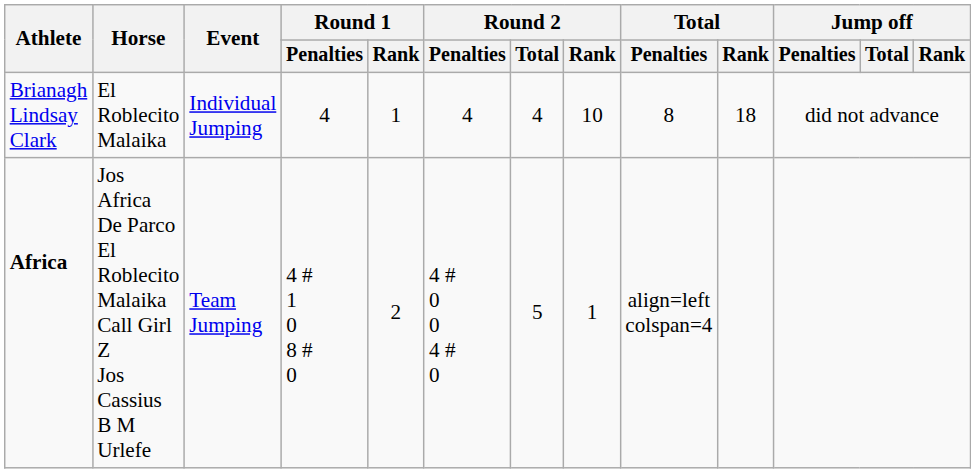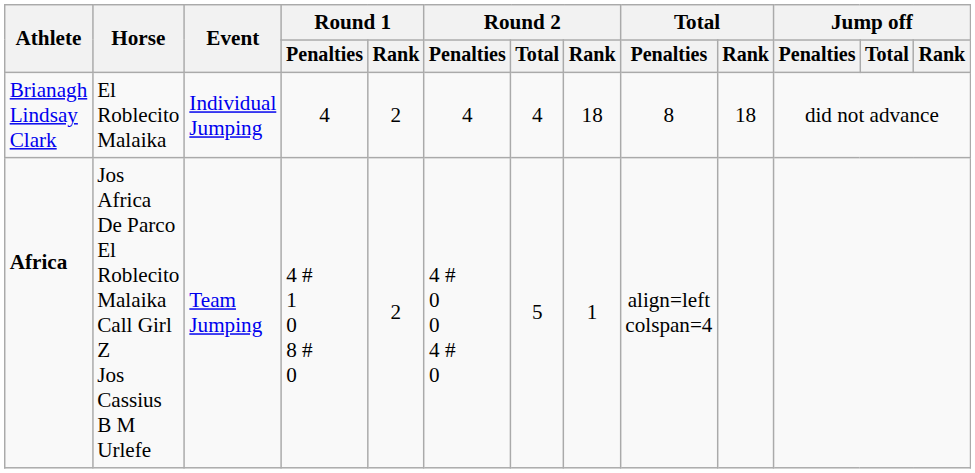 <table class="wikitable" border="1" style="font-size:90%">
 <tr>
 <th rowspan=2>Athlete</th>
 <th rowspan=2>Horse</th>
 <th rowspan=2>Event</th>
 <th colspan=2>Round 1</th>
 <th colspan=3>Round 2</th>
 <th colspan=2>Total</th>
 <th colspan=3>Jump off</th>
 </tr>
 <tr style="font-size:95%">
 <th>Penalties</th>
 <th>Rank</th>
 <th>Penalties</th>
 <th>Total</th>
 <th>Rank</th>
 <th>Penalties</th>
 <th>Rank</th>
 <th>Penalties</th>
 <th>Total</th>
 <th>Rank</th>
 </tr>
 <tr align=center>
 <td align=left><a href='#'>Brianagh Lindsay Clark</a></td>
 <td align=left>El Roblecito Malaika</td>
 <td align=left><a href='#'>Individual Jumping</a></td>
 <td>4</td>
-<td>1</td>
+<td>2</td>
 <td>4</td>
 <td>4</td>
-<td>10</td>
+<td>18</td>
 <td>8</td>
 <td>18</td>
 <td colspan=3>did not advance</td>
 </tr>
 <tr align=center>
 <td align=left><strong>Africa</strong><br> <br><br><br><br></td>
 <td align=left>Jos Africa De Parco<br>El Roblecito Malaika<br>Call Girl Z<br>Jos Cassius<br>B M Urlefe</td>
 <td align=left><a href='#'>Team Jumping</a></td>
 <td align=left><br>4 #<br>1<br>0<br>8 #<br>0</td>
 <td>2</td>
 <td align=left><br>4 #<br>0<br>0<br>4 #<br>0</td>
 <td>5</td>
 <td>1</td>
 <td>align=left colspan=4 </td>
 <td></td>
 </tr>
 </table>
